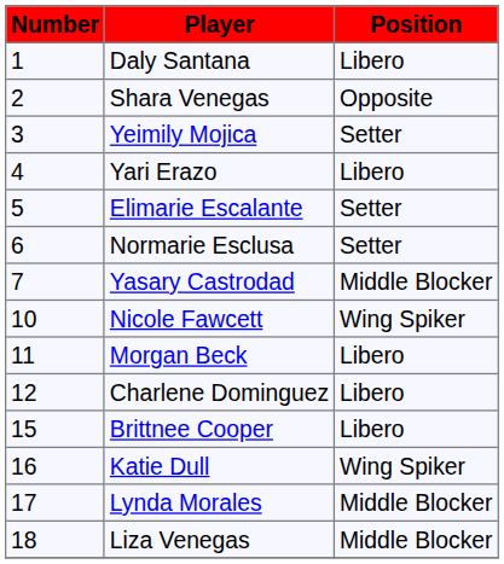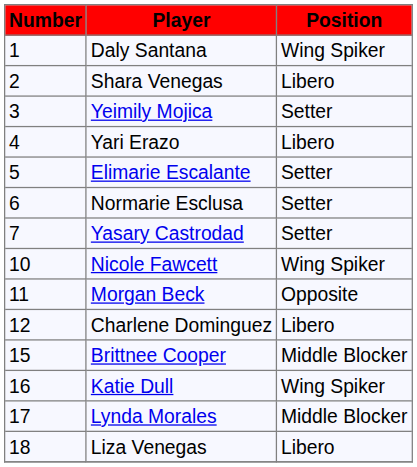 <table bgcolor="#f7f8ff" cellpadding="3" cellspacing="0" border="1" style="font-size: 95%; border: gray solid 1px; border-collapse: collapse;">
 <tr bgcolor="#ff0000">
 <td align=center><strong>Number</strong></td>
 <td align=center><strong>Player</strong></td>
 <td align=center><strong>Position</strong></td>
 </tr>
 <tr align="left">
 <td>1</td>
 <td> Daly Santana</td>
-<td>Libero</td>
+<td>Wing Spiker</td>
 </tr>
 <tr align=left>
 <td>2</td>
 <td> Shara Venegas</td>
-<td>Opposite</td>
+<td>Libero</td>
 </tr>
 <tr align="left">
 <td>3</td>
 <td> <a href='#'>Yeimily Mojica</a></td>
 <td>Setter</td>
 </tr>
 <tr align="left">
 <td>4</td>
 <td> Yari Erazo</td>
 <td>Libero</td>
 </tr>
 <tr align="left">
 <td>5</td>
 <td> <a href='#'>Elimarie Escalante</a></td>
 <td>Setter</td>
 </tr>
 <tr align="left">
 <td>6</td>
 <td> Normarie Esclusa</td>
 <td>Setter</td>
 </tr>
 <tr align="left">
 <td>7</td>
 <td> <a href='#'>Yasary Castrodad</a></td>
-<td>Middle Blocker</td>
+<td>Setter</td>
 </tr>
 <tr align="left">
 <td>10</td>
 <td>  <a href='#'>Nicole Fawcett</a></td>
 <td>Wing Spiker</td>
 </tr>
 <tr align="left">
 <td>11</td>
 <td> <a href='#'>Morgan Beck</a></td>
-<td>Libero</td>
+<td>Opposite</td>
 </tr>
 <tr align="left">
 <td>12</td>
 <td> Charlene Dominguez</td>
 <td>Libero</td>
 </tr>
 <tr align="left">
 <td>15</td>
 <td> <a href='#'>Brittnee Cooper</a></td>
-<td>Libero</td>
+<td>Middle Blocker</td>
 </tr>
 <tr align="left">
 <td>16</td>
 <td> <a href='#'>Katie Dull</a></td>
 <td>Wing Spiker</td>
 </tr>
 <tr align="left">
 <td>17</td>
 <td> <a href='#'>Lynda Morales</a></td>
 <td>Middle Blocker</td>
 </tr>
 <tr align="left">
 <td>18</td>
 <td> Liza Venegas</td>
-<td>Middle Blocker</td>
+<td>Libero</td>
 </tr>
 <tr align="left">
 </tr>
 </table>
